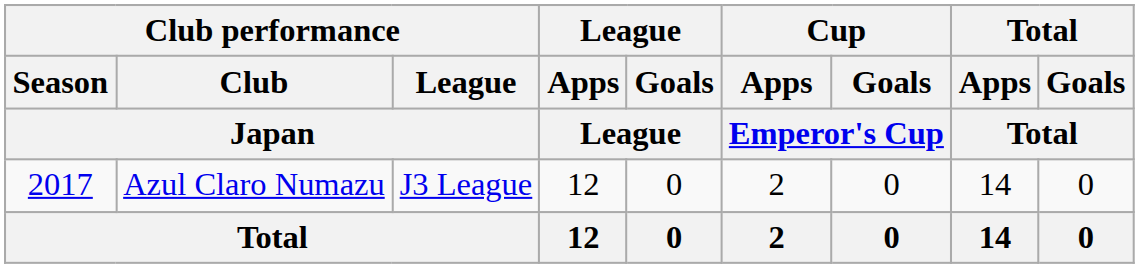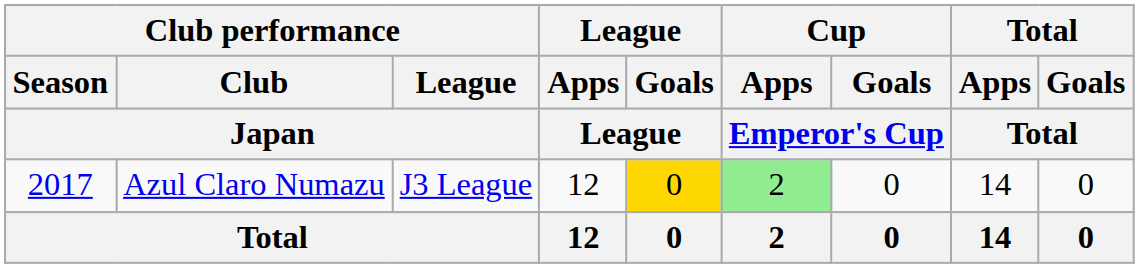 <table class="wikitable" style="text-align:center;">
 <tr>
 <th colspan=3>Club performance</th>
 <th colspan=2>League</th>
 <th colspan=2>Cup</th>
 <th colspan=2>Total</th>
 </tr>
 <tr>
 <th>Season</th>
 <th>Club</th>
 <th>League</th>
 <th>Apps</th>
 <th>Goals</th>
 <th>Apps</th>
 <th>Goals</th>
 <th>Apps</th>
 <th>Goals</th>
 </tr>
 <tr>
 <th colspan=3>Japan</th>
 <th colspan=2>League</th>
 <th colspan=2><a href='#'>Emperor's Cup</a></th>
 <th colspan=2>Total</th>
 </tr>
 <tr>
 <td><a href='#'>2017</a></td>
 <td rowspan="1"><a href='#'>Azul Claro Numazu</a></td>
 <td rowspan="1"><a href='#'>J3 League</a></td>
 <td>12</td>
-<td>0</td>
-<td>2</td>
+<td style="background: gold;">0</td>
+<td style="background: lightgreen;">2</td>
 <td>0</td>
 <td>14</td>
 <td>0</td>
 </tr>
 <tr>
 <th colspan=3>Total</th>
 <th>12</th>
 <th>0</th>
 <th>2</th>
 <th>0</th>
 <th>14</th>
 <th>0</th>
 </tr>
 </table>
